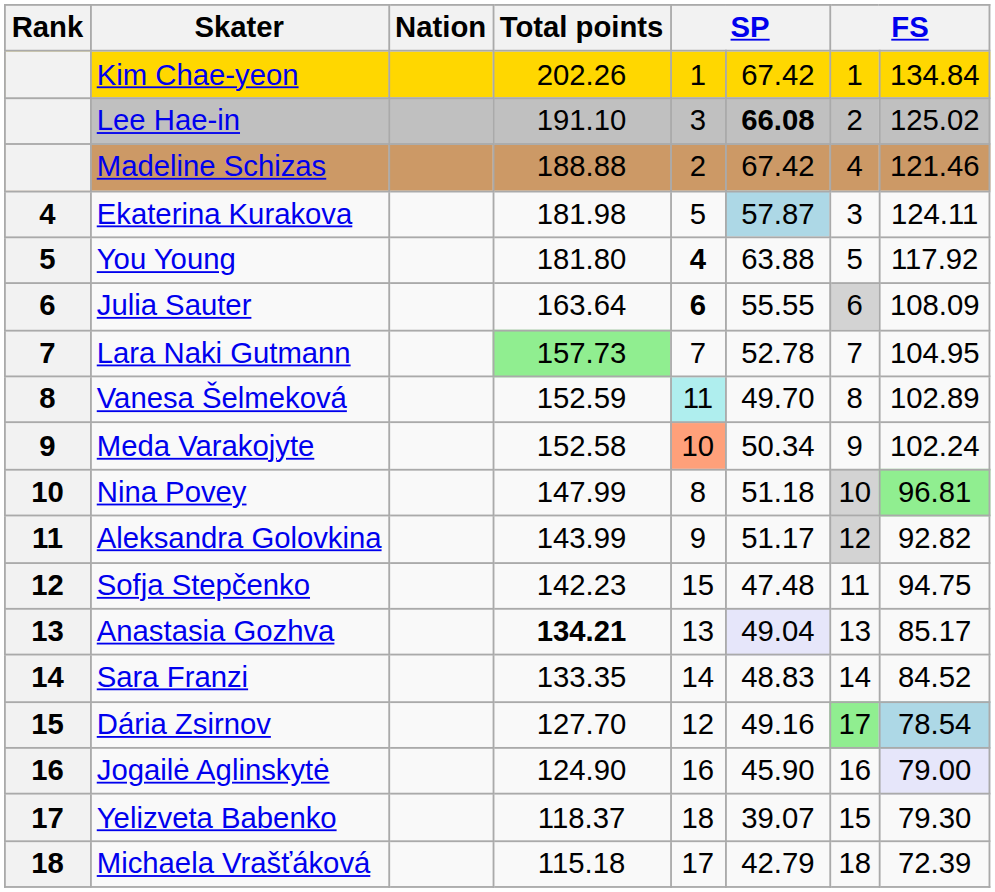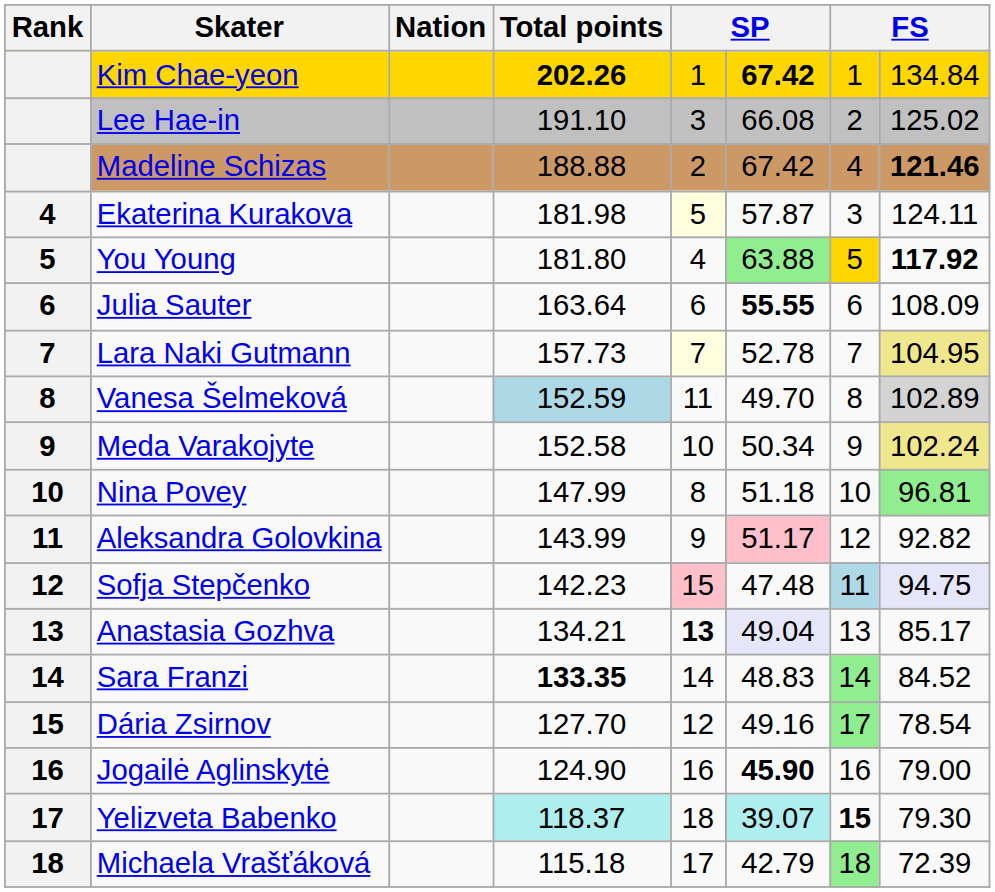 <table class="wikitable sortable" style="text-align:left">
 <tr>
 <th scope="col">Rank</th>
 <th scope="col">Skater</th>
 <th scope="col">Nation</th>
 <th scope="col">Total points</th>
 <th scope="col" colspan="2" width="80px"><a href='#'>SP</a></th>
 <th scope="col" colspan="2" width="80px"><a href='#'>FS</a></th>
 </tr>
 <tr bgcolor="gold">
 <th scope="row"></th>
 <td><a href='#'>Kim Chae-yeon</a></td>
 <td></td>
-<td align="center">202.26</td>
+<td align="center"><strong>202.26</strong></td>
 <td align="center">1</td>
-<td align="center">67.42</td>
+<td align="center"><strong>67.42</strong></td>
 <td align="center">1</td>
 <td align="center">134.84</td>
 </tr>
 <tr bgcolor="silver">
 <th scope="row"></th>
 <td><a href='#'>Lee Hae-in</a></td>
 <td></td>
 <td align="center">191.10</td>
 <td align="center">3</td>
-<td align="center"><strong>66.08</strong></td>
+<td align="center">66.08</td>
 <td align="center">2</td>
 <td align="center">125.02</td>
 </tr>
 <tr bgcolor="cc9966">
 <th scope="row"></th>
 <td><a href='#'>Madeline Schizas</a></td>
 <td></td>
 <td align="center">188.88</td>
 <td align="center">2</td>
 <td align="center">67.42</td>
 <td align="center">4</td>
-<td align="center">121.46</td>
+<td align="center"><strong>121.46</strong></td>
 </tr>
 <tr>
 <th scope="row">4</th>
 <td><a href='#'>Ekaterina Kurakova</a></td>
 <td></td>
 <td align="center">181.98</td>
-<td align="center">5</td>
-<td align="center" style="background: lightblue;">57.87</td>
+<td align="center" style="background: lightyellow;">5</td>
+<td align="center">57.87</td>
 <td align="center">3</td>
 <td align="center">124.11</td>
 </tr>
 <tr>
 <th scope="row">5</th>
 <td><a href='#'>You Young</a></td>
 <td></td>
 <td align="center">181.80</td>
-<td align="center"><strong>4</strong></td>
-<td align="center">63.88</td>
-<td align="center">5</td>
-<td align="center">117.92</td>
+<td align="center">4</td>
+<td align="center" style="background: lightgreen;">63.88</td>
+<td align="center" style="background: gold;">5</td>
+<td align="center"><strong>117.92</strong></td>
 </tr>
 <tr>
 <th scope="row">6</th>
 <td><a href='#'>Julia Sauter</a></td>
 <td></td>
 <td align="center">163.64</td>
-<td align="center"><strong>6</strong></td>
-<td align="center">55.55</td>
-<td align="center" style="background: lightgrey;">6</td>
+<td align="center">6</td>
+<td align="center"><strong>55.55</strong></td>
+<td align="center">6</td>
 <td align="center">108.09</td>
 </tr>
 <tr>
 <th scope="row">7</th>
 <td><a href='#'>Lara Naki Gutmann</a></td>
 <td></td>
-<td align="center" style="background: lightgreen;">157.73</td>
-<td align="center">7</td>
+<td align="center">157.73</td>
+<td align="center" style="background: lightyellow;">7</td>
 <td align="center">52.78</td>
 <td align="center">7</td>
-<td align="center">104.95</td>
+<td align="center" style="background: khaki;">104.95</td>
 </tr>
 <tr>
 <th scope="row">8</th>
 <td><a href='#'>Vanesa Šelmeková</a></td>
 <td></td>
-<td align="center">152.59</td>
-<td align="center" style="background: paleturquoise;">11</td>
+<td align="center" style="background: lightblue;">152.59</td>
+<td align="center">11</td>
 <td align="center">49.70</td>
 <td align="center">8</td>
-<td align="center">102.89</td>
+<td align="center" style="background: lightgrey;">102.89</td>
 </tr>
 <tr>
 <th scope="row">9</th>
 <td><a href='#'>Meda Varakojyte</a></td>
 <td></td>
 <td align="center">152.58</td>
-<td align="center" style="background: lightsalmon;">10</td>
+<td align="center">10</td>
 <td align="center">50.34</td>
 <td align="center">9</td>
-<td align="center">102.24</td>
+<td align="center" style="background: khaki;">102.24</td>
 </tr>
 <tr>
 <th scope="row">10</th>
 <td><a href='#'>Nina Povey</a></td>
 <td></td>
 <td align="center">147.99</td>
 <td align="center">8</td>
 <td align="center">51.18</td>
-<td align="center" style="background: lightgrey;">10</td>
+<td align="center">10</td>
 <td align="center" style="background: lightgreen;">96.81</td>
 </tr>
 <tr>
 <th scope="row">11</th>
 <td><a href='#'>Aleksandra Golovkina</a></td>
 <td></td>
 <td align="center">143.99</td>
 <td align="center">9</td>
-<td align="center">51.17</td>
-<td align="center" style="background: lightgrey;">12</td>
+<td align="center" style="background: pink;">51.17</td>
+<td align="center">12</td>
 <td align="center">92.82</td>
 </tr>
 <tr>
 <th scope="row">12</th>
 <td><a href='#'>Sofja Stepčenko</a></td>
 <td></td>
 <td align="center">142.23</td>
-<td align="center">15</td>
+<td align="center" style="background: pink;">15</td>
 <td align="center">47.48</td>
-<td align="center">11</td>
-<td align="center">94.75</td>
+<td align="center" style="background: lightblue;">11</td>
+<td align="center" style="background: lavender;">94.75</td>
 </tr>
 <tr>
 <th scope="row">13</th>
 <td><a href='#'>Anastasia Gozhva</a></td>
 <td></td>
-<td align="center"><strong>134.21</strong></td>
-<td align="center">13</td>
+<td align="center">134.21</td>
+<td align="center"><strong>13</strong></td>
 <td align="center" style="background: lavender;">49.04</td>
 <td align="center">13</td>
 <td align="center">85.17</td>
 </tr>
 <tr>
 <th scope="row">14</th>
 <td><a href='#'>Sara Franzi</a></td>
 <td></td>
-<td align="center">133.35</td>
+<td align="center"><strong>133.35</strong></td>
 <td align="center">14</td>
 <td align="center">48.83</td>
-<td align="center">14</td>
+<td align="center" style="background: lightgreen;">14</td>
 <td align="center">84.52</td>
 </tr>
 <tr>
 <th scope="row">15</th>
 <td><a href='#'>Dária Zsirnov</a></td>
 <td></td>
 <td align="center">127.70</td>
 <td align="center">12</td>
 <td align="center">49.16</td>
 <td align="center" style="background: lightgreen;">17</td>
-<td align="center" style="background: lightblue;">78.54</td>
+<td align="center">78.54</td>
 </tr>
 <tr>
 <th scope="row">16</th>
 <td><a href='#'>Jogailė Aglinskytė</a></td>
 <td></td>
 <td align="center">124.90</td>
 <td align="center">16</td>
-<td align="center">45.90</td>
+<td align="center"><strong>45.90</strong></td>
 <td align="center">16</td>
-<td align="center" style="background: lavender;">79.00</td>
+<td align="center">79.00</td>
 </tr>
 <tr>
 <th scope="row">17</th>
 <td><a href='#'>Yelizveta Babenko</a></td>
 <td></td>
-<td align="center">118.37</td>
+<td align="center" style="background: paleturquoise;">118.37</td>
 <td align="center">18</td>
-<td align="center">39.07</td>
-<td align="center">15</td>
+<td align="center" style="background: paleturquoise;">39.07</td>
+<td align="center"><strong>15</strong></td>
 <td align="center">79.30</td>
 </tr>
 <tr>
 <th scope="row">18</th>
 <td><a href='#'>Michaela Vrašťáková</a></td>
 <td></td>
 <td align="center">115.18</td>
 <td align="center">17</td>
 <td align="center">42.79</td>
-<td align="center">18</td>
+<td align="center" style="background: lightgreen;">18</td>
 <td align="center">72.39</td>
 </tr>
 </table>
